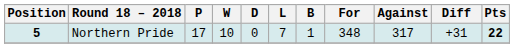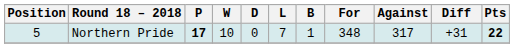 <table class="wikitable" style="text-align:center; font-size:85%;">
 <tr style="background: #d7ebed;">
 <th width="40" abbr="Position">Position</th>
 <th width="100">Round 18 – 2018</th>
 <th width="20" abbr="Played">P</th>
 <th width="20" abbr="Won">W</th>
 <th width="20" abbr="Drawn">D</th>
 <th width="20" abbr="Lost">L</th>
 <th width="20" abbr="Bye">B</th>
 <th width="40" abbr="Points for">For</th>
 <th width="40" abbr="Points against">Against</th>
 <th width="40" abbr="Points difference">Diff</th>
 <th width=20 abbr="Points">Pts</th>
 </tr>
 <tr style="background: #d7ebed;">
-<td><strong>5</strong></td>
+<td>5</td>
 <td style="text-align:left;"> Northern Pride</td>
-<td>17</td>
+<td><strong>17</strong></td>
 <td>10</td>
 <td>0</td>
 <td>7</td>
 <td>1</td>
 <td>348</td>
 <td>317</td>
 <td>+31</td>
 <td><strong>22</strong></td>
 </tr>
 <tr>
 </tr>
 </table>
